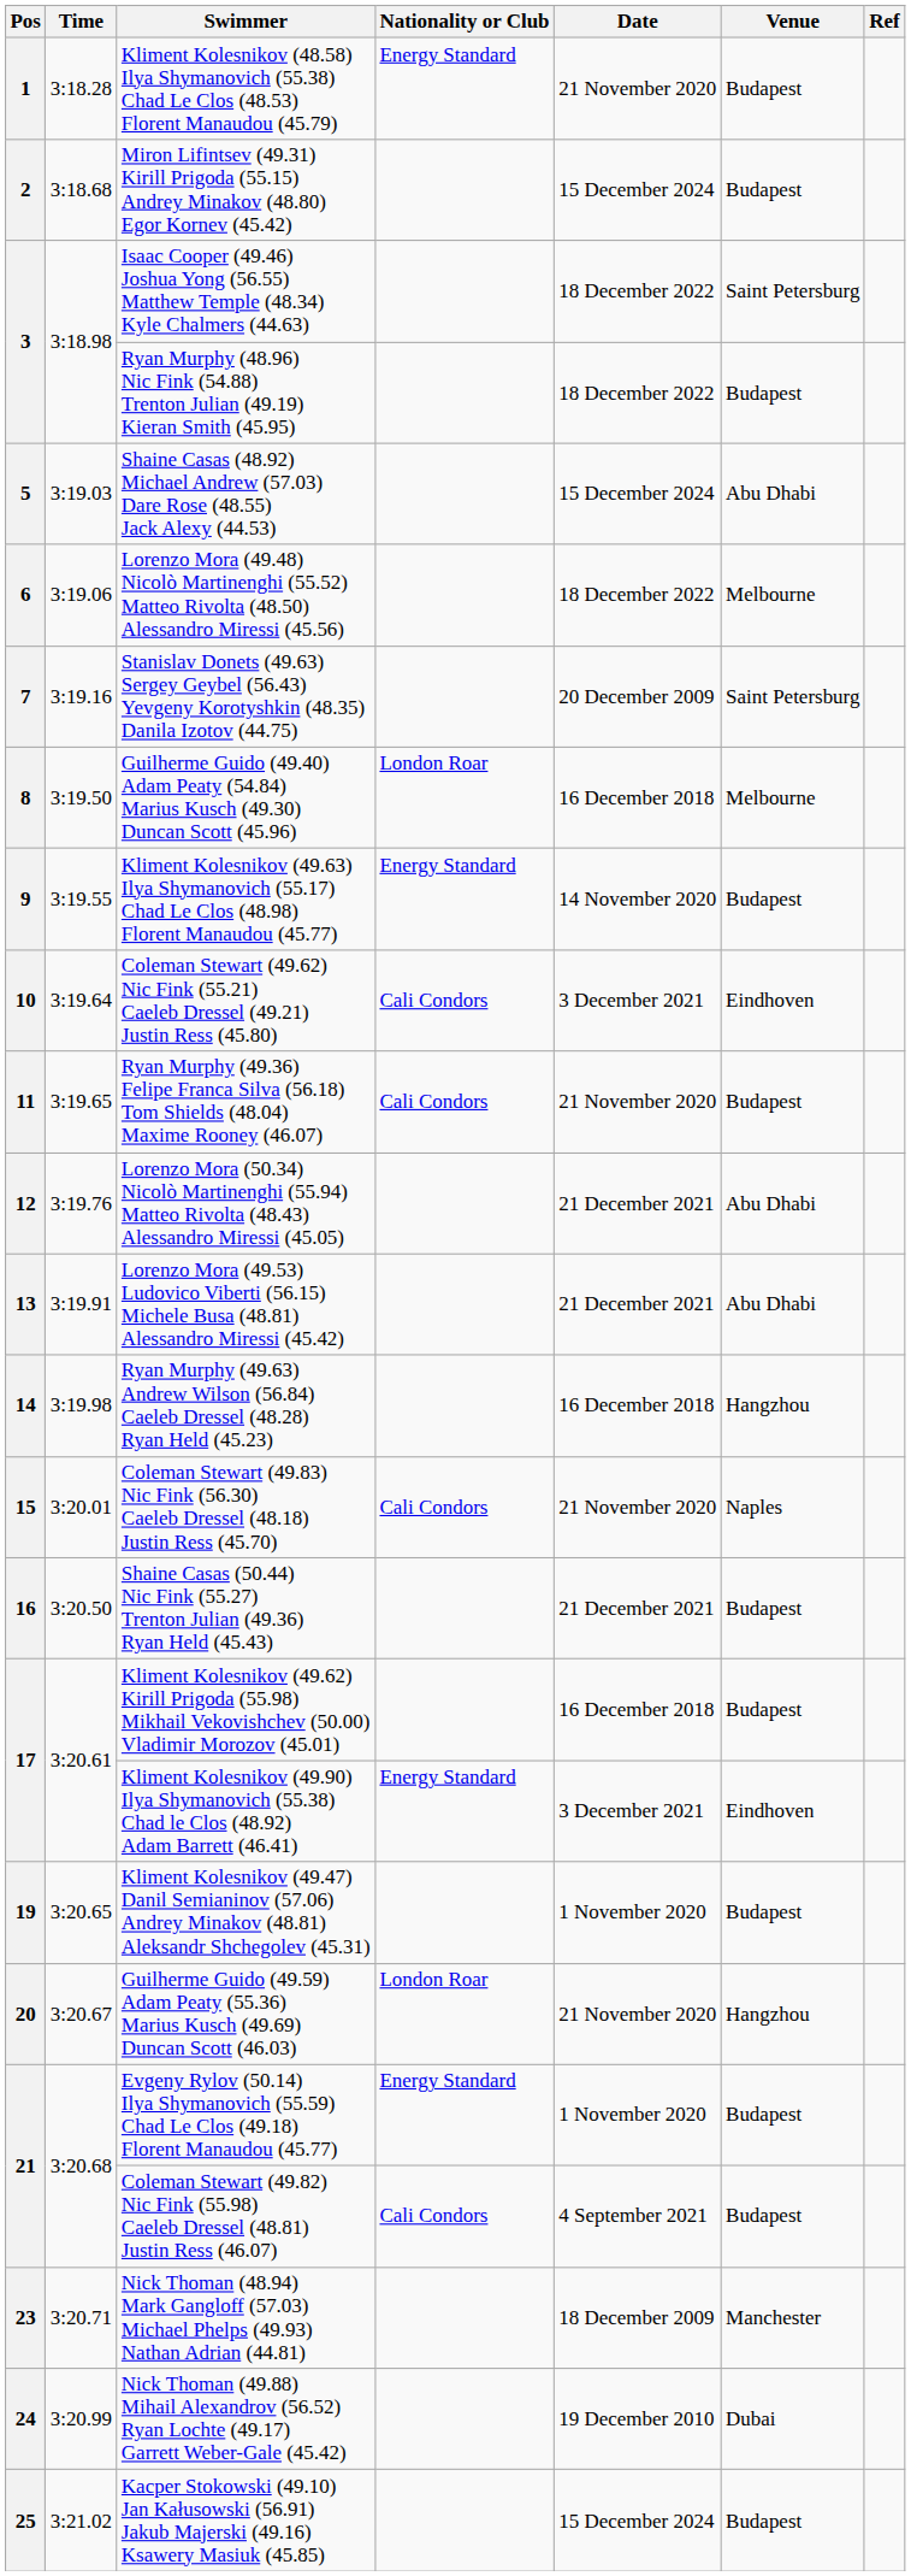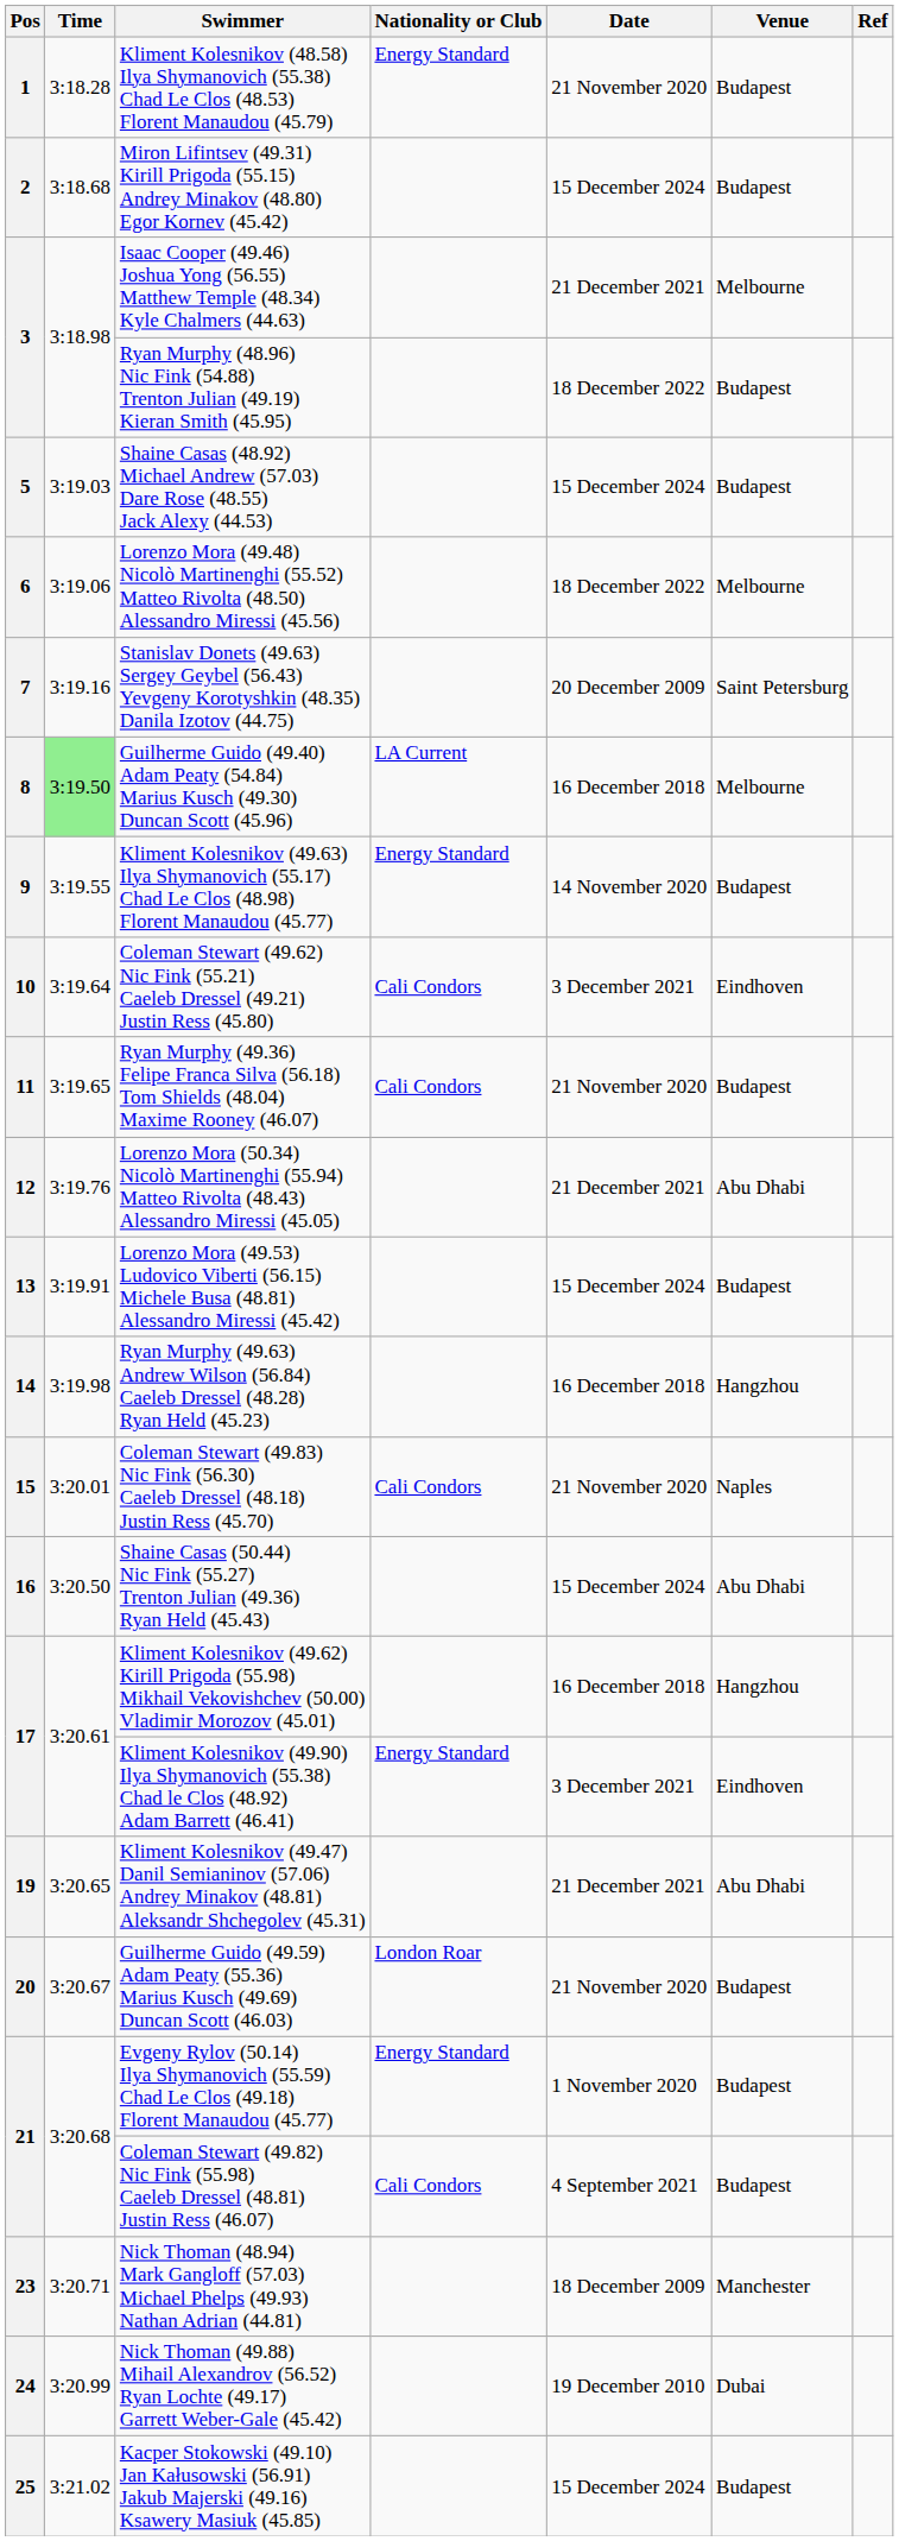 <table class="wikitable">
 <tr>
 <th>Pos</th>
 <th>Time</th>
 <th>Swimmer</th>
 <th>Nationality or Club</th>
 <th>Date</th>
 <th>Venue</th>
 <th>Ref</th>
 </tr>
 <tr>
 <th>1</th>
 <td>3:18.28</td>
 <td><a href='#'>Kliment Kolesnikov</a> (48.58)<br><a href='#'>Ilya Shymanovich</a> (55.38)<br><a href='#'>Chad Le Clos</a> (48.53)<br><a href='#'>Florent Manaudou</a> (45.79)</td>
 <td><a href='#'>Energy Standard</a><br><br><br><br></td>
 <td>21 November 2020</td>
 <td>Budapest</td>
 <td></td>
 </tr>
 <tr>
 <th>2</th>
 <td>3:18.68</td>
 <td><a href='#'>Miron Lifintsev</a> (49.31)<br><a href='#'>Kirill Prigoda</a> (55.15)<br><a href='#'>Andrey Minakov</a> (48.80)<br><a href='#'>Egor Kornev</a> (45.42)</td>
 <td></td>
 <td>15 December 2024</td>
 <td>Budapest</td>
 <td></td>
 </tr>
 <tr>
 <th rowspan=2>3</th>
 <td rowspan=2>3:18.98</td>
 <td><a href='#'>Isaac Cooper</a> (49.46)<br><a href='#'>Joshua Yong</a> (56.55)<br><a href='#'>Matthew Temple</a> (48.34)<br><a href='#'>Kyle Chalmers</a> (44.63)</td>
 <td></td>
-<td>18 December 2022</td>
-<td>Saint Petersburg</td>
+<td>21 December 2021</td>
+<td>Melbourne</td>
 <td></td>
 </tr>
 <tr>
 <td><a href='#'>Ryan Murphy</a> (48.96)<br><a href='#'>Nic Fink</a> (54.88)<br><a href='#'>Trenton Julian</a> (49.19)<br><a href='#'>Kieran Smith</a> (45.95)</td>
 <td></td>
 <td>18 December 2022</td>
 <td>Budapest</td>
 <td></td>
 </tr>
 <tr>
 <th>5</th>
 <td>3:19.03</td>
 <td><a href='#'>Shaine Casas</a> (48.92)<br><a href='#'>Michael Andrew</a> (57.03)<br><a href='#'>Dare Rose</a> (48.55)<br><a href='#'>Jack Alexy</a> (44.53)</td>
 <td></td>
 <td>15 December 2024</td>
-<td>Abu Dhabi</td>
+<td>Budapest</td>
 <td></td>
 </tr>
 <tr>
 <th>6</th>
 <td>3:19.06</td>
 <td><a href='#'>Lorenzo Mora</a> (49.48)<br><a href='#'>Nicolò Martinenghi</a> (55.52)<br><a href='#'>Matteo Rivolta</a> (48.50)<br><a href='#'>Alessandro Miressi</a> (45.56)</td>
 <td></td>
 <td>18 December 2022</td>
 <td>Melbourne</td>
 <td></td>
 </tr>
 <tr>
 <th>7</th>
 <td>3:19.16</td>
 <td><a href='#'>Stanislav Donets</a> (49.63)<br><a href='#'>Sergey Geybel</a> (56.43)<br><a href='#'>Yevgeny Korotyshkin</a> (48.35)<br><a href='#'>Danila Izotov</a> (44.75)</td>
 <td></td>
 <td>20 December 2009</td>
 <td>Saint Petersburg</td>
 </tr>
 <tr>
 <th>8</th>
-<td>3:19.50</td>
+<td style="background: lightgreen;">3:19.50</td>
 <td><a href='#'>Guilherme Guido</a> (49.40)<br><a href='#'>Adam Peaty</a> (54.84)<br><a href='#'>Marius Kusch</a> (49.30)<br><a href='#'>Duncan Scott</a> (45.96)</td>
-<td><a href='#'>London Roar</a><br><br><br><br></td>
+<td><a href='#'>LA Current</a><br><br><br><br></td>
 <td>16 December 2018</td>
 <td>Melbourne</td>
 <td></td>
 </tr>
 <tr>
 <th>9</th>
 <td>3:19.55</td>
 <td><a href='#'>Kliment Kolesnikov</a> (49.63)<br><a href='#'>Ilya Shymanovich</a> (55.17)<br><a href='#'>Chad Le Clos</a> (48.98)<br><a href='#'>Florent Manaudou</a> (45.77)</td>
 <td><a href='#'>Energy Standard</a><br><br><br><br></td>
 <td>14 November 2020</td>
 <td>Budapest</td>
 <td></td>
 </tr>
 <tr>
 <th>10</th>
 <td>3:19.64</td>
 <td><a href='#'>Coleman Stewart</a> (49.62)<br><a href='#'>Nic Fink</a> (55.21)<br><a href='#'>Caeleb Dressel</a> (49.21)<br><a href='#'>Justin Ress</a> (45.80)</td>
 <td><a href='#'>Cali Condors</a><br></td>
 <td>3 December 2021</td>
 <td>Eindhoven</td>
 <td></td>
 </tr>
 <tr>
 <th>11</th>
 <td>3:19.65</td>
 <td><a href='#'>Ryan Murphy</a> (49.36)<br><a href='#'>Felipe Franca Silva</a> (56.18)<br><a href='#'>Tom Shields</a> (48.04)<br><a href='#'>Maxime Rooney</a> (46.07)</td>
 <td><a href='#'>Cali Condors</a><br></td>
 <td>21 November 2020</td>
 <td>Budapest</td>
 <td></td>
 </tr>
 <tr>
 <th>12</th>
 <td>3:19.76</td>
 <td><a href='#'>Lorenzo Mora</a> (50.34)<br><a href='#'>Nicolò Martinenghi</a> (55.94)<br><a href='#'>Matteo Rivolta</a> (48.43)<br><a href='#'>Alessandro Miressi</a> (45.05)</td>
 <td></td>
 <td>21 December 2021</td>
 <td>Abu Dhabi</td>
 <td></td>
 </tr>
 <tr>
 <th>13</th>
 <td>3:19.91</td>
 <td><a href='#'>Lorenzo Mora</a> (49.53)<br><a href='#'>Ludovico Viberti</a> (56.15)<br><a href='#'>Michele Busa</a> (48.81)<br><a href='#'>Alessandro Miressi</a> (45.42)</td>
 <td></td>
-<td>21 December 2021</td>
-<td>Abu Dhabi</td>
+<td>15 December 2024</td>
+<td>Budapest</td>
 <td></td>
 </tr>
 <tr>
 <th>14</th>
 <td>3:19.98</td>
 <td><a href='#'>Ryan Murphy</a> (49.63)<br><a href='#'>Andrew Wilson</a> (56.84)<br><a href='#'>Caeleb Dressel</a> (48.28)<br><a href='#'>Ryan Held</a> (45.23)</td>
 <td></td>
 <td>16 December 2018</td>
 <td>Hangzhou</td>
 </tr>
 <tr>
 <th>15</th>
 <td>3:20.01</td>
 <td><a href='#'>Coleman Stewart</a> (49.83)<br><a href='#'>Nic Fink</a> (56.30)<br><a href='#'>Caeleb Dressel</a> (48.18)<br><a href='#'>Justin Ress</a> (45.70)</td>
 <td><a href='#'>Cali Condors</a><br></td>
 <td>21 November 2020</td>
 <td>Naples</td>
 <td></td>
 </tr>
 <tr>
 <th>16</th>
 <td>3:20.50</td>
 <td><a href='#'>Shaine Casas</a> (50.44)<br><a href='#'>Nic Fink</a> (55.27)<br><a href='#'>Trenton Julian</a> (49.36)<br><a href='#'>Ryan Held</a> (45.43)</td>
 <td></td>
-<td>21 December 2021</td>
-<td>Budapest</td>
+<td>15 December 2024</td>
+<td>Abu Dhabi</td>
 <td></td>
 </tr>
 <tr>
 <th rowspan=2>17</th>
 <td rowspan=2>3:20.61</td>
 <td><a href='#'>Kliment Kolesnikov</a> (49.62)<br><a href='#'>Kirill Prigoda</a> (55.98)<br><a href='#'>Mikhail Vekovishchev</a> (50.00)<br><a href='#'>Vladimir Morozov</a> (45.01)</td>
 <td></td>
 <td>16 December 2018</td>
-<td>Budapest</td>
+<td>Hangzhou</td>
 <td></td>
 </tr>
 <tr>
 <td><a href='#'>Kliment Kolesnikov</a> (49.90)<br><a href='#'>Ilya Shymanovich</a> (55.38)<br><a href='#'>Chad le Clos</a> (48.92)<br><a href='#'>Adam Barrett</a> (46.41)</td>
 <td><a href='#'>Energy Standard</a><br><br><br><br></td>
 <td>3 December 2021</td>
 <td>Eindhoven</td>
 <td></td>
 </tr>
 <tr>
 <th>19</th>
 <td>3:20.65</td>
 <td><a href='#'>Kliment Kolesnikov</a> (49.47)<br><a href='#'>Danil Semianinov</a> (57.06)<br><a href='#'>Andrey Minakov</a> (48.81)<br><a href='#'>Aleksandr Shchegolev</a> (45.31)</td>
 <td></td>
-<td>1 November 2020</td>
-<td>Budapest</td>
+<td>21 December 2021</td>
+<td>Abu Dhabi</td>
 <td></td>
 </tr>
 <tr>
 <th>20</th>
 <td>3:20.67</td>
 <td><a href='#'>Guilherme Guido</a> (49.59)<br><a href='#'>Adam Peaty</a> (55.36)<br><a href='#'>Marius Kusch</a> (49.69)<br><a href='#'>Duncan Scott</a> (46.03)</td>
 <td><a href='#'>London Roar</a><br><br><br><br></td>
 <td>21 November 2020</td>
-<td>Hangzhou</td>
+<td>Budapest</td>
 <td></td>
 </tr>
 <tr>
 <th rowspan=2>21</th>
 <td rowspan=2>3:20.68</td>
 <td><a href='#'>Evgeny Rylov</a> (50.14)<br><a href='#'>Ilya Shymanovich</a> (55.59)<br><a href='#'>Chad Le Clos</a> (49.18)<br><a href='#'>Florent Manaudou</a> (45.77)</td>
 <td><a href='#'>Energy Standard</a><br><br><br><br></td>
 <td>1 November 2020</td>
 <td>Budapest</td>
 <td></td>
 </tr>
 <tr>
 <td><a href='#'>Coleman Stewart</a> (49.82)<br><a href='#'>Nic Fink</a> (55.98)<br><a href='#'>Caeleb Dressel</a> (48.81)<br><a href='#'>Justin Ress</a> (46.07)</td>
 <td><a href='#'>Cali Condors</a><br></td>
 <td>4 September 2021</td>
 <td>Budapest</td>
 <td></td>
 </tr>
 <tr>
 <th>23</th>
 <td>3:20.71</td>
 <td><a href='#'>Nick Thoman</a> (48.94)<br><a href='#'>Mark Gangloff</a> (57.03)<br><a href='#'>Michael Phelps</a> (49.93)<br><a href='#'>Nathan Adrian</a> (44.81)</td>
 <td></td>
 <td>18 December 2009</td>
 <td>Manchester</td>
 <td></td>
 </tr>
 <tr>
 <th>24</th>
 <td>3:20.99</td>
 <td><a href='#'>Nick Thoman</a> (49.88)<br><a href='#'>Mihail Alexandrov</a> (56.52)<br><a href='#'>Ryan Lochte</a> (49.17)<br><a href='#'>Garrett Weber-Gale</a> (45.42)</td>
 <td></td>
 <td>19 December 2010</td>
 <td>Dubai</td>
 <td></td>
 </tr>
 <tr>
 <th>25</th>
 <td>3:21.02</td>
 <td><a href='#'>Kacper Stokowski</a> (49.10)<br><a href='#'>Jan Kałusowski</a> (56.91)<br><a href='#'>Jakub Majerski</a> (49.16)<br><a href='#'>Ksawery Masiuk</a> (45.85)</td>
 <td></td>
 <td>15 December 2024</td>
 <td>Budapest</td>
 <td></td>
 </tr>
 </table>
